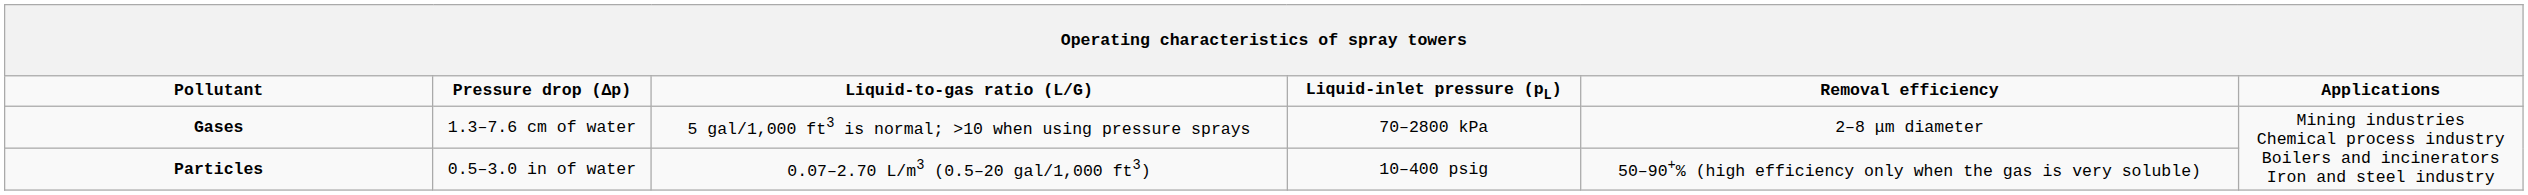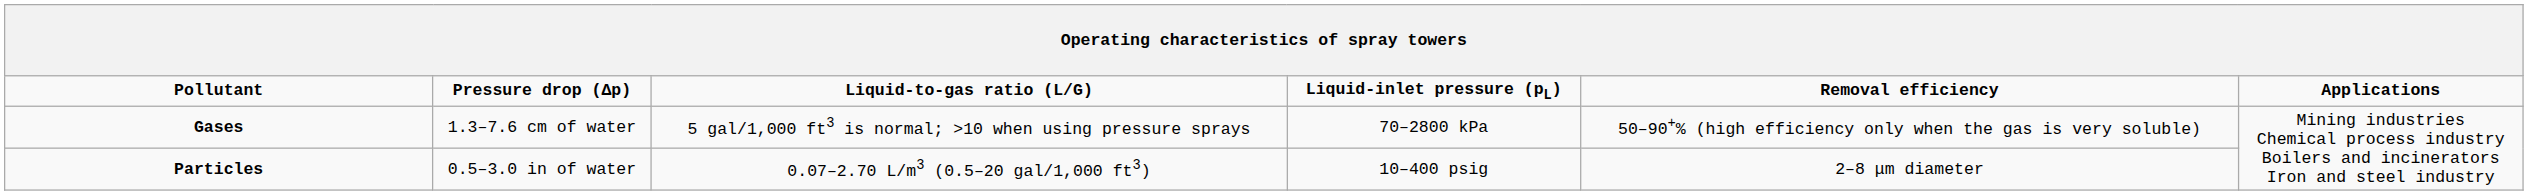 <table class="wikitable" style="width:100%; align:center; cellpadding:2; cellspacing:1">
 <tr>
 <th colspan="6" style="height:50px; align:center">Operating characteristics of spray towers</th>
 </tr>
 <tr>
 <td align="center" width="17%"><strong>Pollutant</strong></td>
 <td align="center"><strong>Pressure drop (Δp)</strong></td>
 <td align="center"><strong>Liquid-to-gas ratio (L/G)</strong></td>
 <td align="center"><strong>Liquid-inlet pressure (p<sub>L</sub>)</strong></td>
 <td align="center"><strong>Removal efficiency</strong></td>
 <td align="center"><strong>Applications</strong></td>
 </tr>
 <tr>
 <td align="center" width="17%"><strong>Gases</strong></td>
 <td align="center">1.3–7.6 cm of water</td>
 <td align="center">5 gal/1,000 ft<sup>3</sup> is normal; >10 when using pressure sprays</td>
 <td align="center">70–2800 kPa</td>
-<td align="center">2–8 μm diameter</td>
+<td align="center">50–90<sup>+</sup>% (high efficiency only when the gas is very soluble)</td>
 <td align="center" rowspan="2">Mining industries<br>Chemical process industry<br>Boilers and incinerators<br>Iron and steel industry</td>
 </tr>
 <tr>
 <td align="center" width="17%"><strong>Particles</strong></td>
 <td align="center">0.5–3.0 in of water</td>
 <td align="center">0.07–2.70 L/m<sup>3</sup> (0.5–20 gal/1,000 ft<sup>3</sup>)</td>
 <td align="center">10–400 psig</td>
-<td align="center">50–90<sup>+</sup>% (high efficiency only when the gas is very soluble)</td>
+<td align="center">2–8 μm diameter</td>
 </tr>
 </table>
